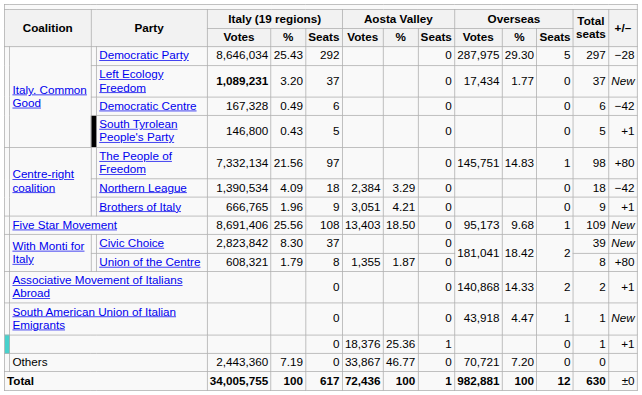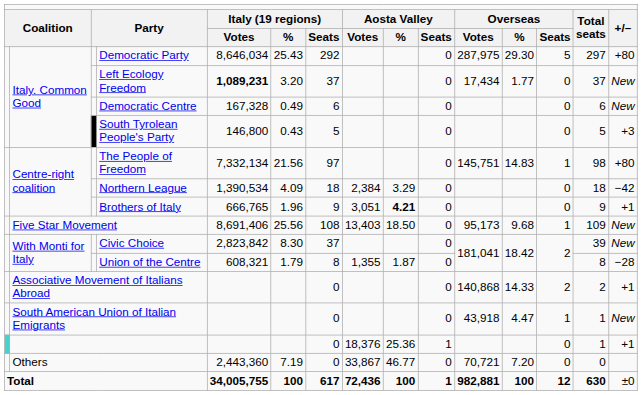 <table class="wikitable" style="text-align:right">
 <tr>
 <td colspan="15"></td>
 </tr>
 <tr>
 <th colspan="2" rowspan="2">Coalition</th>
 <th colspan=2 rowspan=2>Party</th>
 <th colspan="3"  style="text-align:center; vertical-align:top;">Italy (19 regions)</th>
 <th colspan="3"  style="text-align:center; vertical-align:top;">Aosta Valley</th>
 <th colspan="3"  style="text-align:center; vertical-align:top;">Overseas</th>
 <th style="text-align:center;" rowspan="2"><strong>Total<br> seats</strong></th>
 <th style="text-align:center;" rowspan="2">+/–</th>
 </tr>
 <tr>
 <th style="text-align:center; vertical-align:bottom;">Votes</th>
 <th style="text-align:center; vertical-align:bottom;">%</th>
 <th style="text-align:center; vertical-align:bottom;">Seats</th>
 <th style="text-align:center; vertical-align:bottom;">Votes</th>
 <th style="text-align:center; vertical-align:bottom;">%</th>
 <th style="text-align:center; vertical-align:bottom;">Seats</th>
 <th style="text-align:center; vertical-align:bottom;">Votes</th>
 <th style="text-align:center; vertical-align:bottom;">%</th>
 <th style="text-align:center; vertical-align:bottom;">Seats</th>
 </tr>
 <tr>
 <td rowspan="4"></td>
 <td style="text-align:left;" rowspan="4"><a href='#'>Italy. Common Good</a></td>
 <td></td>
 <td align=left><a href='#'>Democratic Party</a></td>
 <td>8,646,034</td>
 <td>25.43</td>
 <td>292</td>
 <td></td>
 <td></td>
 <td>0</td>
 <td>287,975</td>
 <td>29.30</td>
 <td>5</td>
 <td>297</td>
-<td><span>−28</span></td>
+<td><span>+80</span></td>
 </tr>
 <tr>
 <td></td>
 <td align=left><a href='#'>Left Ecology Freedom</a></td>
 <td><strong>1,089,231</strong></td>
 <td>3.20</td>
 <td>37</td>
 <td></td>
 <td></td>
 <td>0</td>
 <td>17,434</td>
 <td>1.77</td>
 <td>0</td>
 <td>37</td>
 <td><em>New</em></td>
 </tr>
 <tr>
 <td></td>
 <td align=left><a href='#'>Democratic Centre</a></td>
 <td>167,328</td>
 <td>0.49</td>
 <td>6</td>
 <td></td>
 <td></td>
 <td>0</td>
 <td></td>
 <td></td>
 <td>0</td>
 <td>6</td>
-<td><span>−42</span></td>
+<td><em>New</em></td>
 </tr>
 <tr>
 <td style="background:black;"></td>
 <td align=left><a href='#'>South Tyrolean People's Party</a></td>
 <td>146,800</td>
 <td>0.43</td>
 <td>5</td>
 <td></td>
 <td></td>
 <td>0</td>
 <td></td>
 <td></td>
 <td>0</td>
 <td>5</td>
-<td><span>+1</span></td>
+<td><span>+3</span></td>
 </tr>
 <tr>
 <td rowspan="3"></td>
 <td style="text-align:left;" rowspan="3"><a href='#'>Centre-right coalition</a></td>
 <td></td>
 <td align=left><a href='#'>The People of Freedom</a></td>
 <td>7,332,134</td>
 <td>21.56</td>
 <td>97</td>
 <td></td>
 <td></td>
 <td>0</td>
 <td>145,751</td>
 <td>14.83</td>
 <td>1</td>
 <td>98</td>
 <td><span>+80</span></td>
 </tr>
 <tr>
 <td></td>
 <td align=left><a href='#'>Northern League</a></td>
 <td>1,390,534</td>
 <td>4.09</td>
 <td>18</td>
 <td>2,384</td>
 <td>3.29</td>
 <td>0</td>
 <td></td>
 <td></td>
 <td>0</td>
 <td>18</td>
 <td><span>−42</span></td>
 </tr>
 <tr>
 <td></td>
 <td align=left><a href='#'>Brothers of Italy</a></td>
 <td>666,765</td>
 <td>1.96</td>
 <td>9</td>
 <td>3,051</td>
-<td>4.21</td>
+<td><strong>4.21</strong></td>
 <td>0</td>
 <td></td>
 <td></td>
 <td>0</td>
 <td>9</td>
 <td><span>+1</span></td>
 </tr>
 <tr>
 <td></td>
 <td colspan="3" style="text-align:left;"><a href='#'>Five Star Movement</a></td>
 <td>8,691,406</td>
 <td>25.56</td>
 <td>108</td>
 <td>13,403</td>
 <td>18.50</td>
 <td>0</td>
 <td>95,173</td>
 <td>9.68</td>
 <td>1</td>
 <td>109</td>
 <td><em>New</em></td>
 </tr>
 <tr>
 <td rowspan="2"></td>
 <td style="text-align:left;" rowspan="2"><a href='#'>With Monti for Italy</a></td>
 <td></td>
 <td align=left><a href='#'>Civic Choice</a></td>
 <td>2,823,842</td>
 <td>8.30</td>
 <td>37</td>
 <td></td>
 <td></td>
 <td>0</td>
 <td rowspan="2">181,041</td>
 <td rowspan="2">18.42</td>
 <td rowspan="2">2</td>
 <td>39</td>
 <td><em>New</em></td>
 </tr>
 <tr>
 <td></td>
 <td align=left><a href='#'>Union of the Centre</a></td>
 <td>608,321</td>
 <td>1.79</td>
 <td>8</td>
 <td>1,355</td>
 <td>1.87</td>
 <td>0</td>
 <td>8</td>
-<td><span>+80</span></td>
+<td><span>−28</span></td>
 </tr>
 <tr>
 <td></td>
 <td colspan="3" style="text-align:left;"><a href='#'>Associative Movement of Italians Abroad</a></td>
 <td></td>
 <td></td>
 <td>0</td>
 <td></td>
 <td></td>
 <td>0</td>
 <td>140,868</td>
 <td>14.33</td>
 <td>2</td>
 <td>2</td>
 <td><span>+1</span></td>
 </tr>
 <tr>
 <td></td>
 <td colspan="3" style="text-align:left;"><a href='#'>South American Union of Italian Emigrants</a></td>
 <td></td>
 <td></td>
 <td>0</td>
 <td></td>
 <td></td>
 <td>0</td>
 <td>43,918</td>
 <td>4.47</td>
 <td>1</td>
 <td>1</td>
 <td><em>New</em></td>
 </tr>
 <tr>
 <td style="background:#48d1cc;"></td>
 <td colspan="3" style="text-align:left;"></td>
 <td></td>
 <td></td>
 <td>0</td>
 <td>18,376</td>
 <td>25.36</td>
 <td>1</td>
 <td></td>
 <td></td>
 <td>0</td>
 <td>1</td>
 <td><span>+1</span></td>
 </tr>
 <tr>
 <td></td>
 <td colspan="3" align=left>Others</td>
 <td>2,443,360</td>
 <td>7.19</td>
 <td>0</td>
 <td>33,867</td>
 <td>46.77</td>
 <td>0</td>
 <td>70,721</td>
 <td>7.20</td>
 <td>0</td>
 <td>0</td>
 <td></td>
 </tr>
 <tr>
 <td colspan=4 align=left><strong>Total</strong></td>
 <td><strong>34,005,755</strong></td>
 <td><strong>100</strong></td>
 <td><strong>617</strong></td>
 <td><strong>72,436</strong></td>
 <td><strong>100</strong></td>
 <td><strong>1</strong></td>
 <td><strong>982,881</strong></td>
 <td><strong>100</strong></td>
 <td><strong>12</strong></td>
 <td><strong>630</strong></td>
 <td><span>±0</span></td>
 </tr>
 </table>
